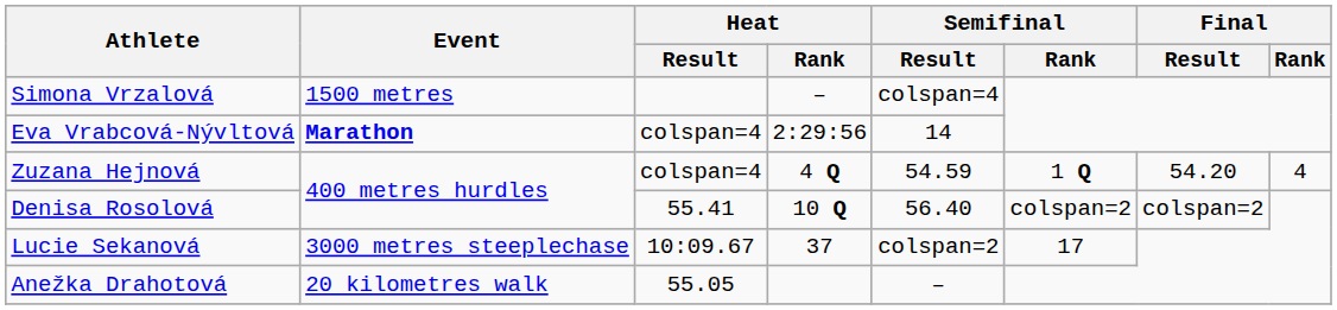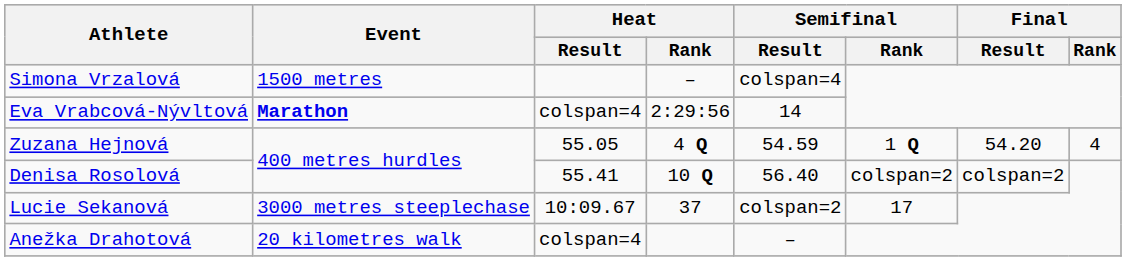 <table class=wikitable style=font-size:90%>
 <tr>
 <th rowspan=2>Athlete</th>
 <th rowspan=2>Event</th>
 <th colspan=2>Heat</th>
 <th colspan=2>Semifinal</th>
 <th colspan=2>Final</th>
 </tr>
 <tr style=font-size:95%>
 <th>Result</th>
 <th>Rank</th>
 <th>Result</th>
 <th>Rank</th>
 <th>Result</th>
 <th>Rank</th>
 </tr>
 <tr align=center>
 <td align=left><a href='#'>Simona Vrzalová</a></td>
 <td align=left><a href='#'>1500 metres</a></td>
 <td></td>
 <td>–</td>
 <td>colspan=4 </td>
 </tr>
 <tr align=center>
 <td align=left><a href='#'>Eva Vrabcová-Nývltová</a></td>
 <td align=left><strong><a href='#'>Marathon</a></strong></td>
 <td>colspan=4 </td>
 <td>2:29:56 <strong></strong></td>
 <td>14</td>
 </tr>
 <tr align=center>
 <td align=left><a href='#'>Zuzana Hejnová</a></td>
 <td align=left rowspan=2><a href='#'>400 metres hurdles</a></td>
-<td>colspan=4 </td>
+<td>55.05</td>
 <td>4 <strong>Q</strong></td>
 <td>54.59</td>
 <td>1 <strong>Q</strong></td>
 <td>54.20 <strong></strong></td>
 <td>4</td>
 </tr>
 <tr align=center>
 <td align=left><a href='#'>Denisa Rosolová</a></td>
 <td>55.41 <strong></strong></td>
 <td>10 <strong>Q</strong></td>
 <td>56.40</td>
 <td>colspan=2 </td>
 <td>colspan=2 </td>
 </tr>
 <tr align=center>
 <td align=left><a href='#'>Lucie Sekanová</a></td>
 <td align=left><a href='#'>3000 metres steeplechase</a></td>
 <td>10:09.67</td>
 <td>37</td>
 <td>colspan=2 </td>
 <td>17</td>
 </tr>
 <tr align=center>
 <td align=left><a href='#'>Anežka Drahotová</a></td>
 <td align=left><a href='#'>20 kilometres walk</a></td>
-<td>55.05</td>
+<td>colspan=4 </td>
 <td></td>
 <td>–</td>
 </tr>
 </table>
